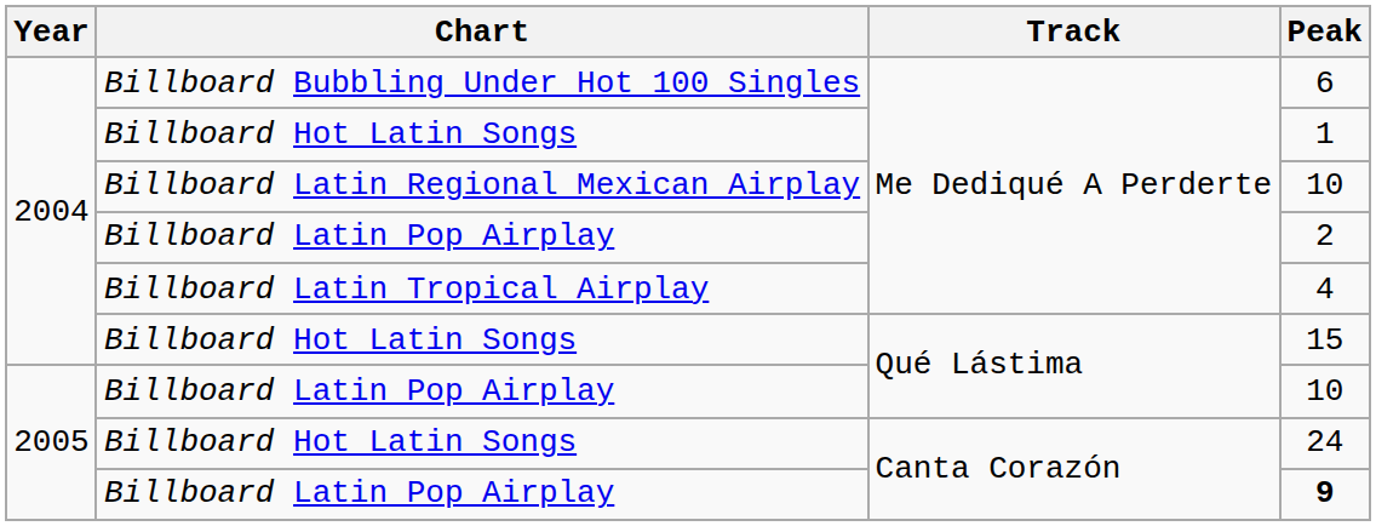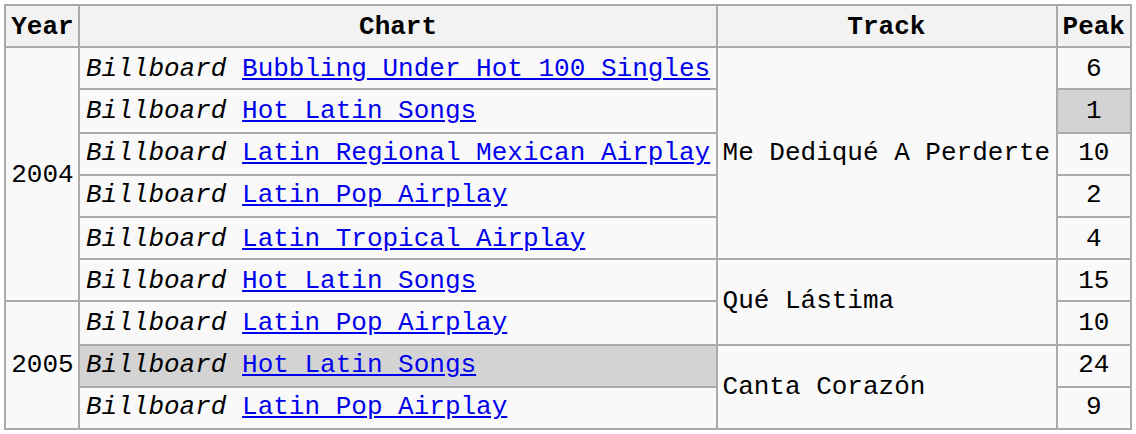 <table class="wikitable">
 <tr>
 <th>Year</th>
 <th>Chart</th>
 <th>Track</th>
 <th>Peak</th>
 </tr>
 <tr>
 <td rowspan="6">2004</td>
 <td><em>Billboard</em> <a href='#'>Bubbling Under Hot 100 Singles</a></td>
 <td rowspan="5">Me Dediqué A Perderte</td>
 <td align="center">6</td>
 </tr>
 <tr>
 <td><em>Billboard</em> <a href='#'>Hot Latin Songs</a></td>
-<td align="center">1</td>
+<td align="center" style="background: lightgrey;">1</td>
 </tr>
 <tr>
 <td><em>Billboard</em> <a href='#'>Latin Regional Mexican Airplay</a></td>
 <td align="center">10</td>
 </tr>
 <tr>
 <td><em>Billboard</em> <a href='#'>Latin Pop Airplay</a></td>
 <td align="center">2</td>
 </tr>
 <tr>
 <td><em>Billboard</em> <a href='#'>Latin Tropical Airplay</a></td>
 <td align="center">4</td>
 </tr>
 <tr>
 <td><em>Billboard</em> <a href='#'>Hot Latin Songs</a></td>
 <td rowspan="2">Qué Lástima</td>
 <td align="center">15</td>
 </tr>
 <tr>
 <td rowspan="3">2005</td>
 <td><em>Billboard</em> <a href='#'>Latin Pop Airplay</a></td>
 <td align="center">10</td>
 </tr>
 <tr>
-<td><em>Billboard</em> <a href='#'>Hot Latin Songs</a></td>
+<td style="background: lightgrey;"><em>Billboard</em> <a href='#'>Hot Latin Songs</a></td>
 <td rowspan="2">Canta Corazón</td>
 <td align="center">24</td>
 </tr>
 <tr>
 <td><em>Billboard</em> <a href='#'>Latin Pop Airplay</a></td>
-<td align="center"><strong>9</strong></td>
+<td align="center">9</td>
 </tr>
 </table>
